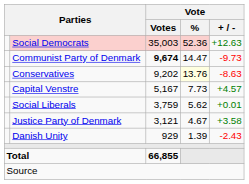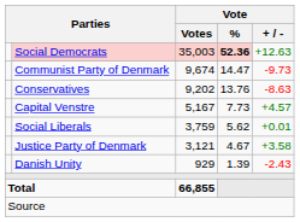 <table class="wikitable" style="text-align:right;">
 <tr>
 <th style="text-align:centre;" rowspan="2" colspan="2" width="225">Parties</th>
 <th colspan="3">Vote</th>
 </tr>
 <tr>
 <th width="15">Votes</th>
 <th width="15">%</th>
 <th width="15">+ / -</th>
 </tr>
 <tr>
 <td width="2" style="color:inherit;background:"></td>
 <td bgcolor=#fbd0ce  align="left"><a href='#'>Social Democrats</a></td>
 <td bgcolor=#fbd0ce>35,003</td>
-<td bgcolor=#fbd0ce>52.36</td>
+<td bgcolor=#fbd0ce><strong>52.36</strong></td>
 <td style=color:green;>+12.63</td>
 </tr>
 <tr>
 <td width="2" style="color:inherit;background:"></td>
 <td align="left"><a href='#'>Communist Party of Denmark</a></td>
-<td><strong>9,674</strong></td>
+<td>9,674</td>
 <td>14.47</td>
 <td style=color:red;>-9.73</td>
 </tr>
 <tr>
 <td width="2" style="color:inherit;background:"></td>
 <td align="left"><a href='#'>Conservatives</a></td>
 <td>9,202</td>
-<td style="background: lightyellow;">13.76</td>
+<td>13.76</td>
 <td style=color:red;>-8.63</td>
 </tr>
 <tr>
 <td width="2" style="color:inherit;background:"></td>
 <td align="left"><a href='#'>Capital Venstre</a></td>
 <td>5,167</td>
 <td>7.73</td>
 <td style=color:green;>+4.57</td>
 </tr>
 <tr>
 <td width="2" style="color:inherit;background:"></td>
 <td align="left"><a href='#'>Social Liberals</a></td>
 <td>3,759</td>
 <td>5.62</td>
 <td style=color:green;>+0.01</td>
 </tr>
 <tr>
 <td width="2" style="color:inherit;background:"></td>
 <td align="left"><a href='#'>Justice Party of Denmark</a></td>
 <td>3,121</td>
 <td>4.67</td>
 <td style=color:green;>+3.58</td>
 </tr>
 <tr>
 <td width="2" style="color:inherit;background:"></td>
 <td align="left"><a href='#'>Danish Unity</a></td>
 <td>929</td>
 <td>1.39</td>
 <td style=color:red;>-2.43</td>
 </tr>
 <tr>
 <td colspan="7" bgcolor="#E9E9E9"></td>
 </tr>
 <tr>
 <td align="left" colspan="2"><strong>Total</strong></td>
 <td><strong>66,855</strong></td>
 <td bgcolor="#E9E9E9" colspan="2"></td>
 </tr>
 <tr>
 <td align="left" colspan="6">Source</td>
 </tr>
 </table>
